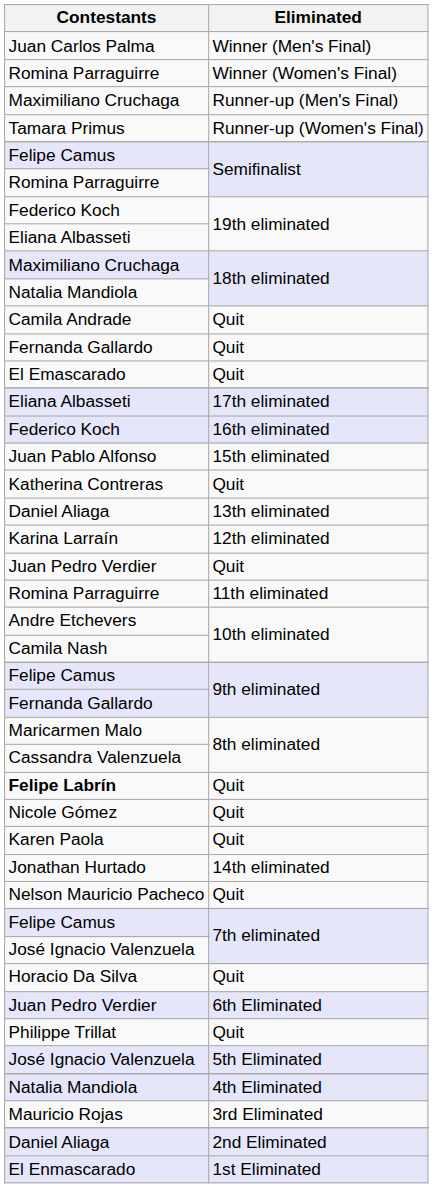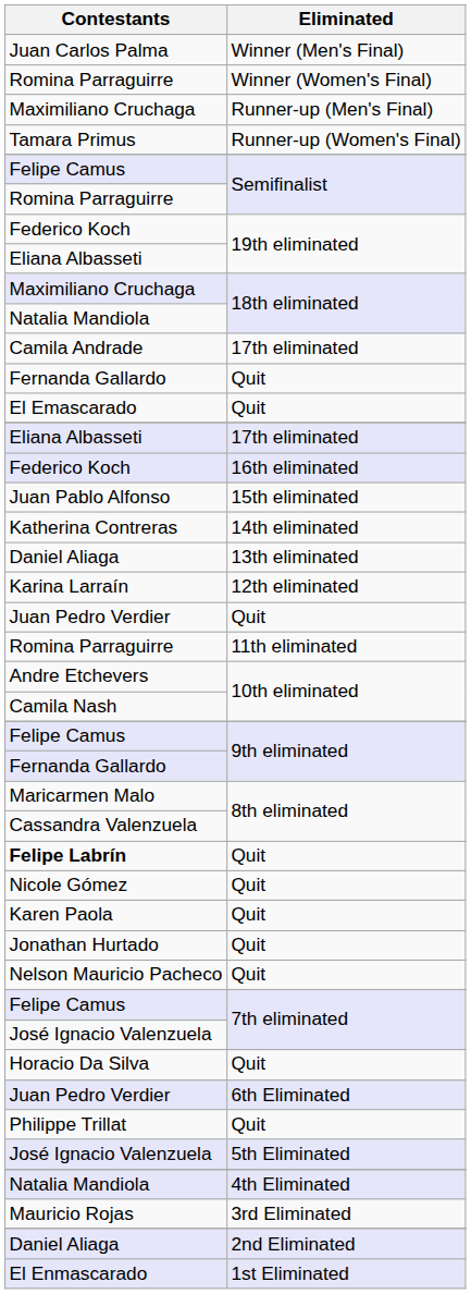 <table class="wikitable">
 <tr>
 <th>Contestants</th>
 <th>Eliminated</th>
 </tr>
 <tr>
 <td> Juan Carlos Palma</td>
 <td>Winner (Men's Final)</td>
 </tr>
 <tr>
 <td> Romina Parraguirre</td>
 <td>Winner (Women's Final)</td>
 </tr>
 <tr>
 <td> Maximiliano Cruchaga</td>
 <td>Runner-up (Men's Final)</td>
 </tr>
 <tr>
 <td> Tamara Primus</td>
 <td>Runner-up (Women's Final)</td>
 </tr>
 <tr>
 </tr>
 <tr bgcolor=lavender>
 <td> Felipe Camus</td>
 <td rowspan="2">Semifinalist</td>
 </tr>
 <tr>
 <td> Romina Parraguirre</td>
 </tr>
 <tr>
 <td> Federico Koch</td>
 <td rowspan="2">19th eliminated</td>
 </tr>
 <tr>
 <td> Eliana Albasseti</td>
 </tr>
 <tr bgcolor=lavender>
 <td> Maximiliano Cruchaga</td>
 <td rowspan="2">18th eliminated</td>
 </tr>
 <tr>
 <td> Natalia Mandiola</td>
 </tr>
 <tr>
 <td> Camila Andrade</td>
-<td>Quit</td>
+<td>17th eliminated</td>
 </tr>
 <tr>
 <td> Fernanda Gallardo</td>
 <td>Quit</td>
 </tr>
 <tr>
 <td> El Emascarado</td>
 <td>Quit</td>
 </tr>
 <tr>
 </tr>
 <tr bgcolor=lavender>
 <td> Eliana Albasseti</td>
 <td>17th eliminated</td>
 </tr>
 <tr bgcolor=lavender>
 <td> Federico Koch</td>
 <td>16th eliminated</td>
 </tr>
 <tr>
 <td> Juan Pablo Alfonso</td>
 <td>15th eliminated</td>
 </tr>
 <tr>
 <td> Katherina Contreras</td>
-<td>Quit</td>
+<td>14th eliminated</td>
 </tr>
 <tr>
 <td> Daniel Aliaga</td>
 <td>13th eliminated</td>
 </tr>
 <tr>
 <td> Karina Larraín</td>
 <td>12th eliminated</td>
 </tr>
 <tr>
 <td> Juan Pedro Verdier</td>
 <td>Quit</td>
 </tr>
 <tr>
 <td> Romina Parraguirre</td>
 <td>11th eliminated</td>
 </tr>
 <tr>
 <td> Andre Etchevers </td>
 <td rowspan="2">10th eliminated</td>
 </tr>
 <tr>
 <td> Camila Nash</td>
 </tr>
 <tr>
 </tr>
 <tr bgcolor=lavender>
 <td> Felipe Camus</td>
 <td rowspan="2">9th eliminated</td>
 </tr>
 <tr bgcolor=lavender>
 <td> Fernanda Gallardo</td>
 </tr>
 <tr>
 <td> Maricarmen Malo</td>
 <td rowspan="2">8th eliminated</td>
 </tr>
 <tr>
 <td> Cassandra Valenzuela</td>
 </tr>
 <tr>
 <td><strong> Felipe Labrín</strong></td>
 <td>Quit</td>
 </tr>
 <tr>
 <td> Nicole Gómez</td>
 <td>Quit</td>
 </tr>
 <tr>
 <td> Karen Paola</td>
 <td>Quit</td>
 </tr>
 <tr>
 <td> Jonathan Hurtado</td>
-<td>14th eliminated</td>
+<td>Quit</td>
 </tr>
 <tr>
 <td> Nelson Mauricio Pacheco</td>
 <td>Quit</td>
 </tr>
 <tr>
 </tr>
 <tr bgcolor=lavender>
 <td> Felipe Camus</td>
 <td rowspan="2">7th eliminated</td>
 </tr>
 <tr>
 <td> José Ignacio Valenzuela</td>
 </tr>
 <tr>
 <td> Horacio Da Silva</td>
 <td>Quit</td>
 </tr>
 <tr bgcolor=lavender>
 <td> Juan Pedro Verdier</td>
 <td>6th Eliminated</td>
 </tr>
 <tr>
 <td> Philippe Trillat</td>
 <td>Quit</td>
 </tr>
 <tr bgcolor=lavender>
 <td> José Ignacio Valenzuela</td>
 <td>5th Eliminated</td>
 </tr>
 <tr>
 </tr>
 <tr bgcolor=lavender>
 <td> Natalia Mandiola</td>
 <td>4th Eliminated</td>
 </tr>
 <tr>
 <td> Mauricio Rojas</td>
 <td>3rd Eliminated</td>
 </tr>
 <tr>
 </tr>
 <tr bgcolor=lavender>
 <td> Daniel Aliaga</td>
 <td>2nd Eliminated</td>
 </tr>
 <tr bgcolor=lavender>
 <td> El Enmascarado</td>
 <td>1st Eliminated</td>
 </tr>
 </table>
